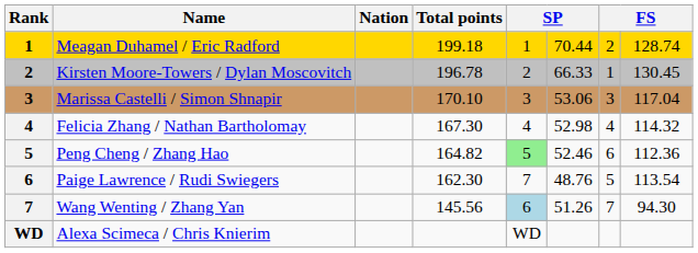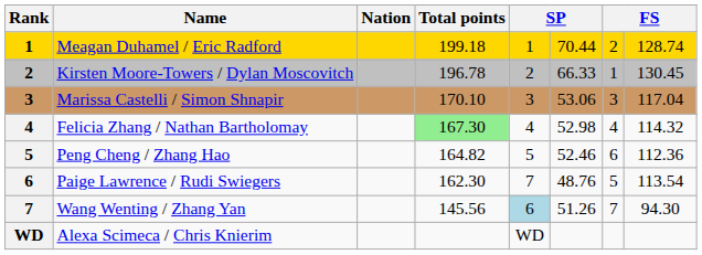 <table class="wikitable sortable">
 <tr>
 <th>Rank</th>
 <th>Name</th>
 <th>Nation</th>
 <th>Total points</th>
 <th colspan="2" width="80px"><a href='#'>SP</a></th>
 <th colspan="2" width="80px"><a href='#'>FS</a></th>
 </tr>
 <tr bgcolor="gold">
 <td align="center"><strong>1</strong></td>
 <td><a href='#'>Meagan Duhamel</a> / <a href='#'>Eric Radford</a></td>
 <td></td>
 <td align="center">199.18</td>
 <td align="center">1</td>
 <td align="center">70.44</td>
 <td align="center">2</td>
 <td align="center">128.74</td>
 </tr>
 <tr bgcolor="silver">
 <td align="center"><strong>2</strong></td>
 <td><a href='#'>Kirsten Moore-Towers</a> / <a href='#'>Dylan Moscovitch</a></td>
 <td></td>
 <td align="center">196.78</td>
 <td align="center">2</td>
 <td align="center">66.33</td>
 <td align="center">1</td>
 <td align="center">130.45</td>
 </tr>
 <tr bgcolor="cc9966">
 <td align="center"><strong>3</strong></td>
 <td><a href='#'>Marissa Castelli</a> / <a href='#'>Simon Shnapir</a></td>
 <td></td>
 <td align="center">170.10</td>
 <td align="center">3</td>
 <td align="center">53.06</td>
 <td align="center">3</td>
 <td align="center">117.04</td>
 </tr>
 <tr>
 <th>4</th>
 <td><a href='#'>Felicia Zhang</a> / <a href='#'>Nathan Bartholomay</a></td>
 <td></td>
-<td align="center">167.30</td>
+<td align="center" style="background: lightgreen;">167.30</td>
 <td align="center">4</td>
 <td align="center">52.98</td>
 <td align="center">4</td>
 <td align="center">114.32</td>
 </tr>
 <tr>
 <th>5</th>
 <td><a href='#'>Peng Cheng</a> / <a href='#'>Zhang Hao</a></td>
 <td></td>
 <td align="center">164.82</td>
-<td align="center" style="background: lightgreen;">5</td>
+<td align="center">5</td>
 <td align="center">52.46</td>
 <td align="center">6</td>
 <td align="center">112.36</td>
 </tr>
 <tr>
 <th>6</th>
 <td><a href='#'>Paige Lawrence</a> / <a href='#'>Rudi Swiegers</a></td>
 <td></td>
 <td align="center">162.30</td>
 <td align="center">7</td>
 <td align="center">48.76</td>
 <td align="center">5</td>
 <td align="center">113.54</td>
 </tr>
 <tr>
 <th>7</th>
 <td><a href='#'>Wang Wenting</a> / <a href='#'>Zhang Yan</a></td>
 <td></td>
 <td align="center">145.56</td>
 <td align="center" style="background: lightblue;">6</td>
 <td align="center">51.26</td>
 <td align="center">7</td>
 <td align="center">94.30</td>
 </tr>
 <tr>
 <th>WD</th>
 <td><a href='#'>Alexa Scimeca</a> / <a href='#'>Chris Knierim</a></td>
 <td></td>
 <td align="center"></td>
 <td align="center">WD</td>
 <td align="center"></td>
 <td align="center"></td>
 <td align="center"></td>
 </tr>
 </table>
